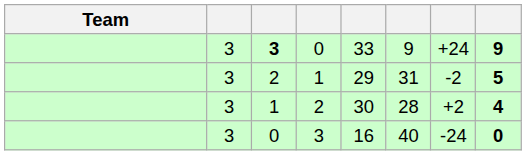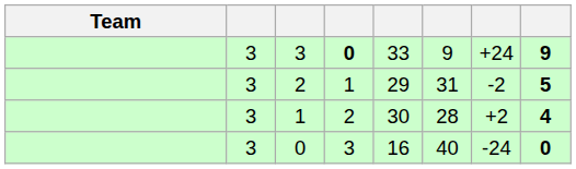 <table class="wikitable" style="text-align:center;font-size:95%">
 <tr>
 <th width=160>Team</th>
 <th width=30></th>
 <th width=30></th>
 <th width=30></th>
 <th width=30></th>
 <th width=30></th>
 <th width=30></th>
 <th width=30></th>
 </tr>
 <tr bgcolor=ccffcc>
 <td align="left"></td>
 <td>3</td>
-<td><strong>3</strong></td>
-<td>0</td>
+<td>3</td>
+<td><strong>0</strong></td>
 <td>33</td>
 <td>9</td>
 <td>+24</td>
 <td><strong>9</strong></td>
 </tr>
 <tr bgcolor=ccffcc>
 <td align="left"></td>
 <td>3</td>
 <td>2</td>
 <td>1</td>
 <td>29</td>
 <td>31</td>
 <td>-2</td>
 <td><strong>5</strong></td>
 </tr>
 <tr bgcolor=ccffcc>
 <td align="left"></td>
 <td>3</td>
 <td>1</td>
 <td>2</td>
 <td>30</td>
 <td>28</td>
 <td>+2</td>
 <td><strong>4</strong></td>
 </tr>
 <tr bgcolor=ccffcc>
 <td align="left"></td>
 <td>3</td>
 <td>0</td>
 <td>3</td>
 <td>16</td>
 <td>40</td>
 <td>-24</td>
 <td><strong>0</strong></td>
 </tr>
 </table>
